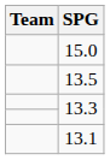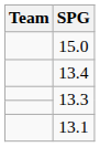 <table class=wikitable>
 <tr>
 <th>Team</th>
 <th>SPG</th>
 </tr>
 <tr>
 <td></td>
 <td align=center>15.0</td>
 </tr>
 <tr>
 <td></td>
-<td align=center>13.5</td>
+<td align=center>13.4</td>
 </tr>
 <tr>
 <td></td>
 <td align=center rowspan=2>13.3</td>
 </tr>
 <tr>
 <td></td>
 </tr>
 <tr>
 <td></td>
 <td align=center>13.1</td>
 </tr>
 </table>
